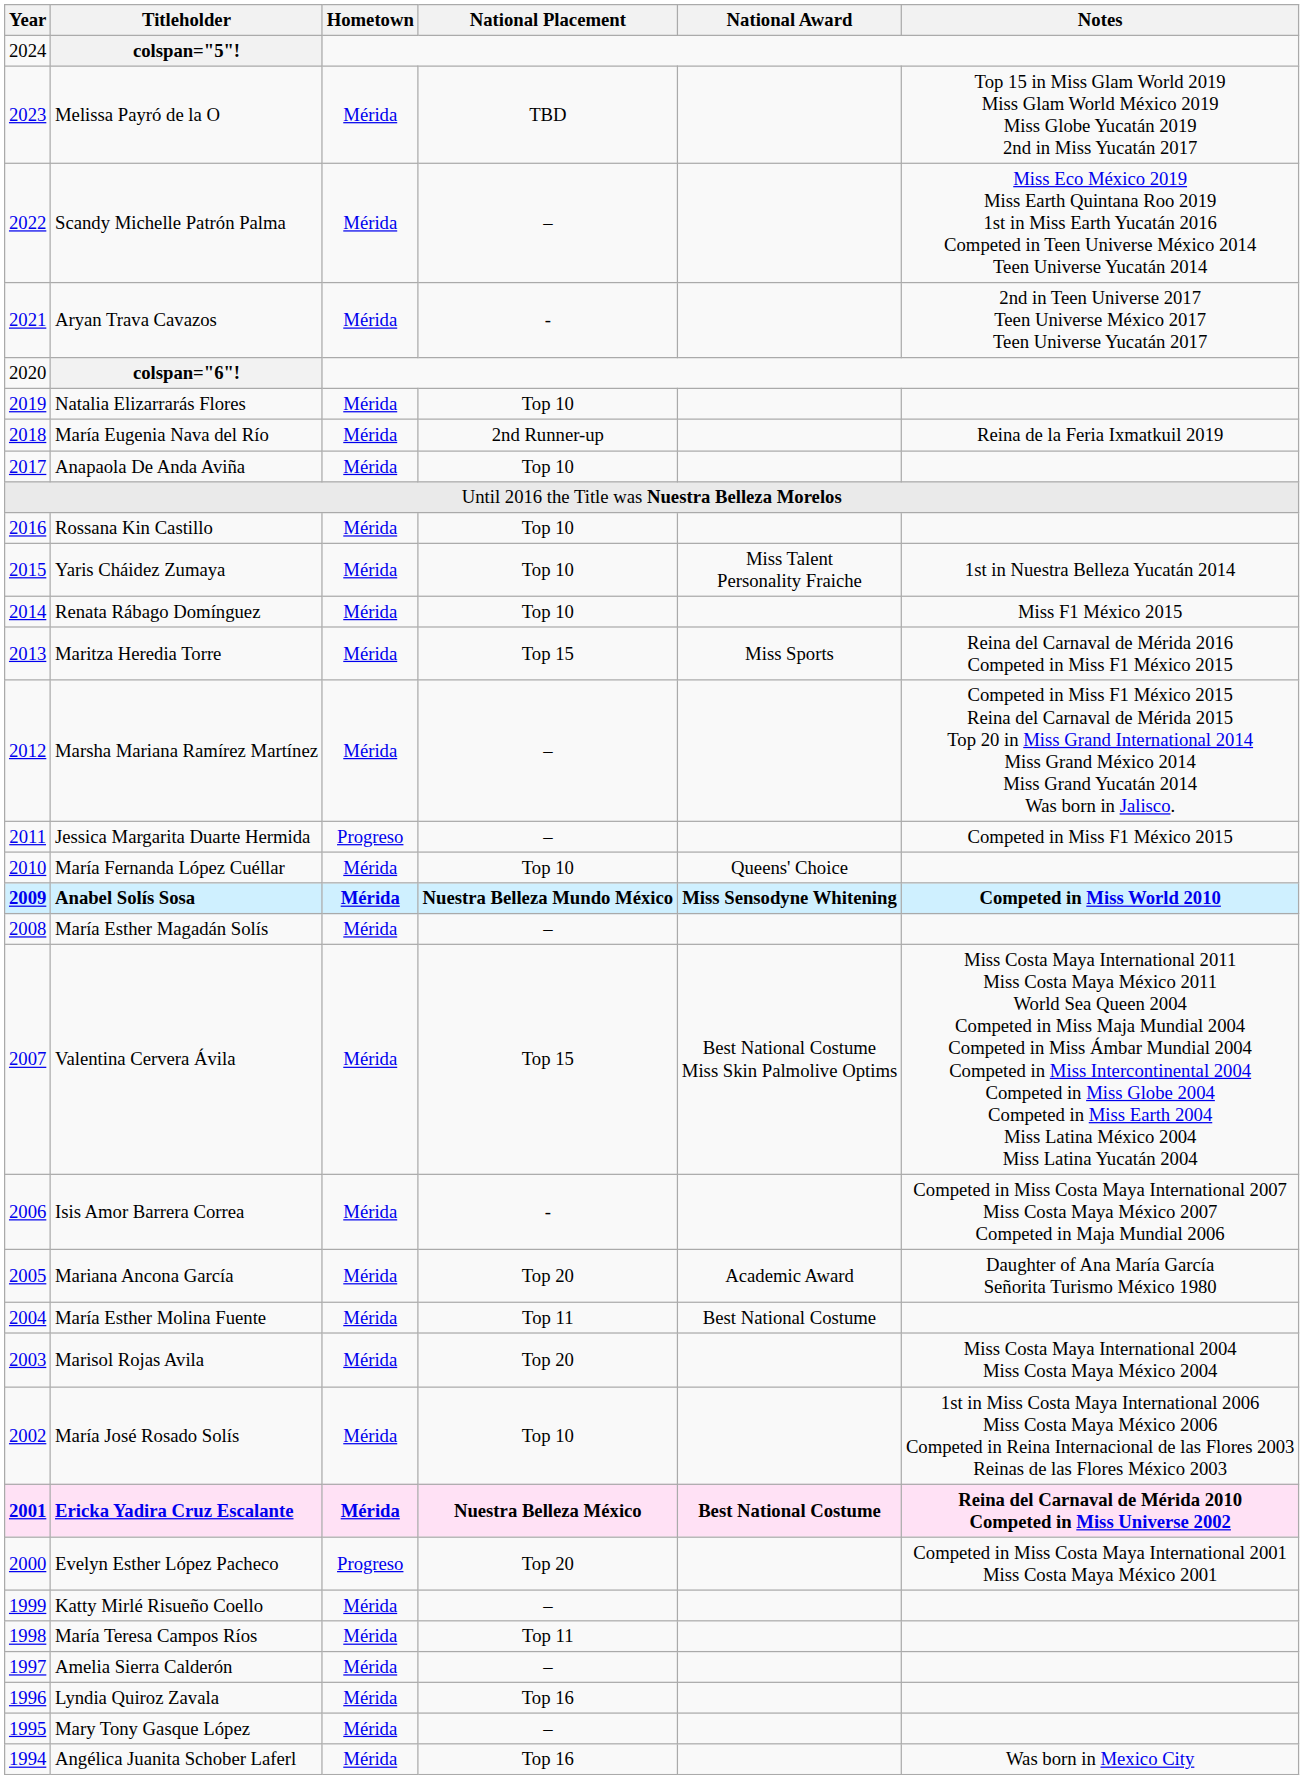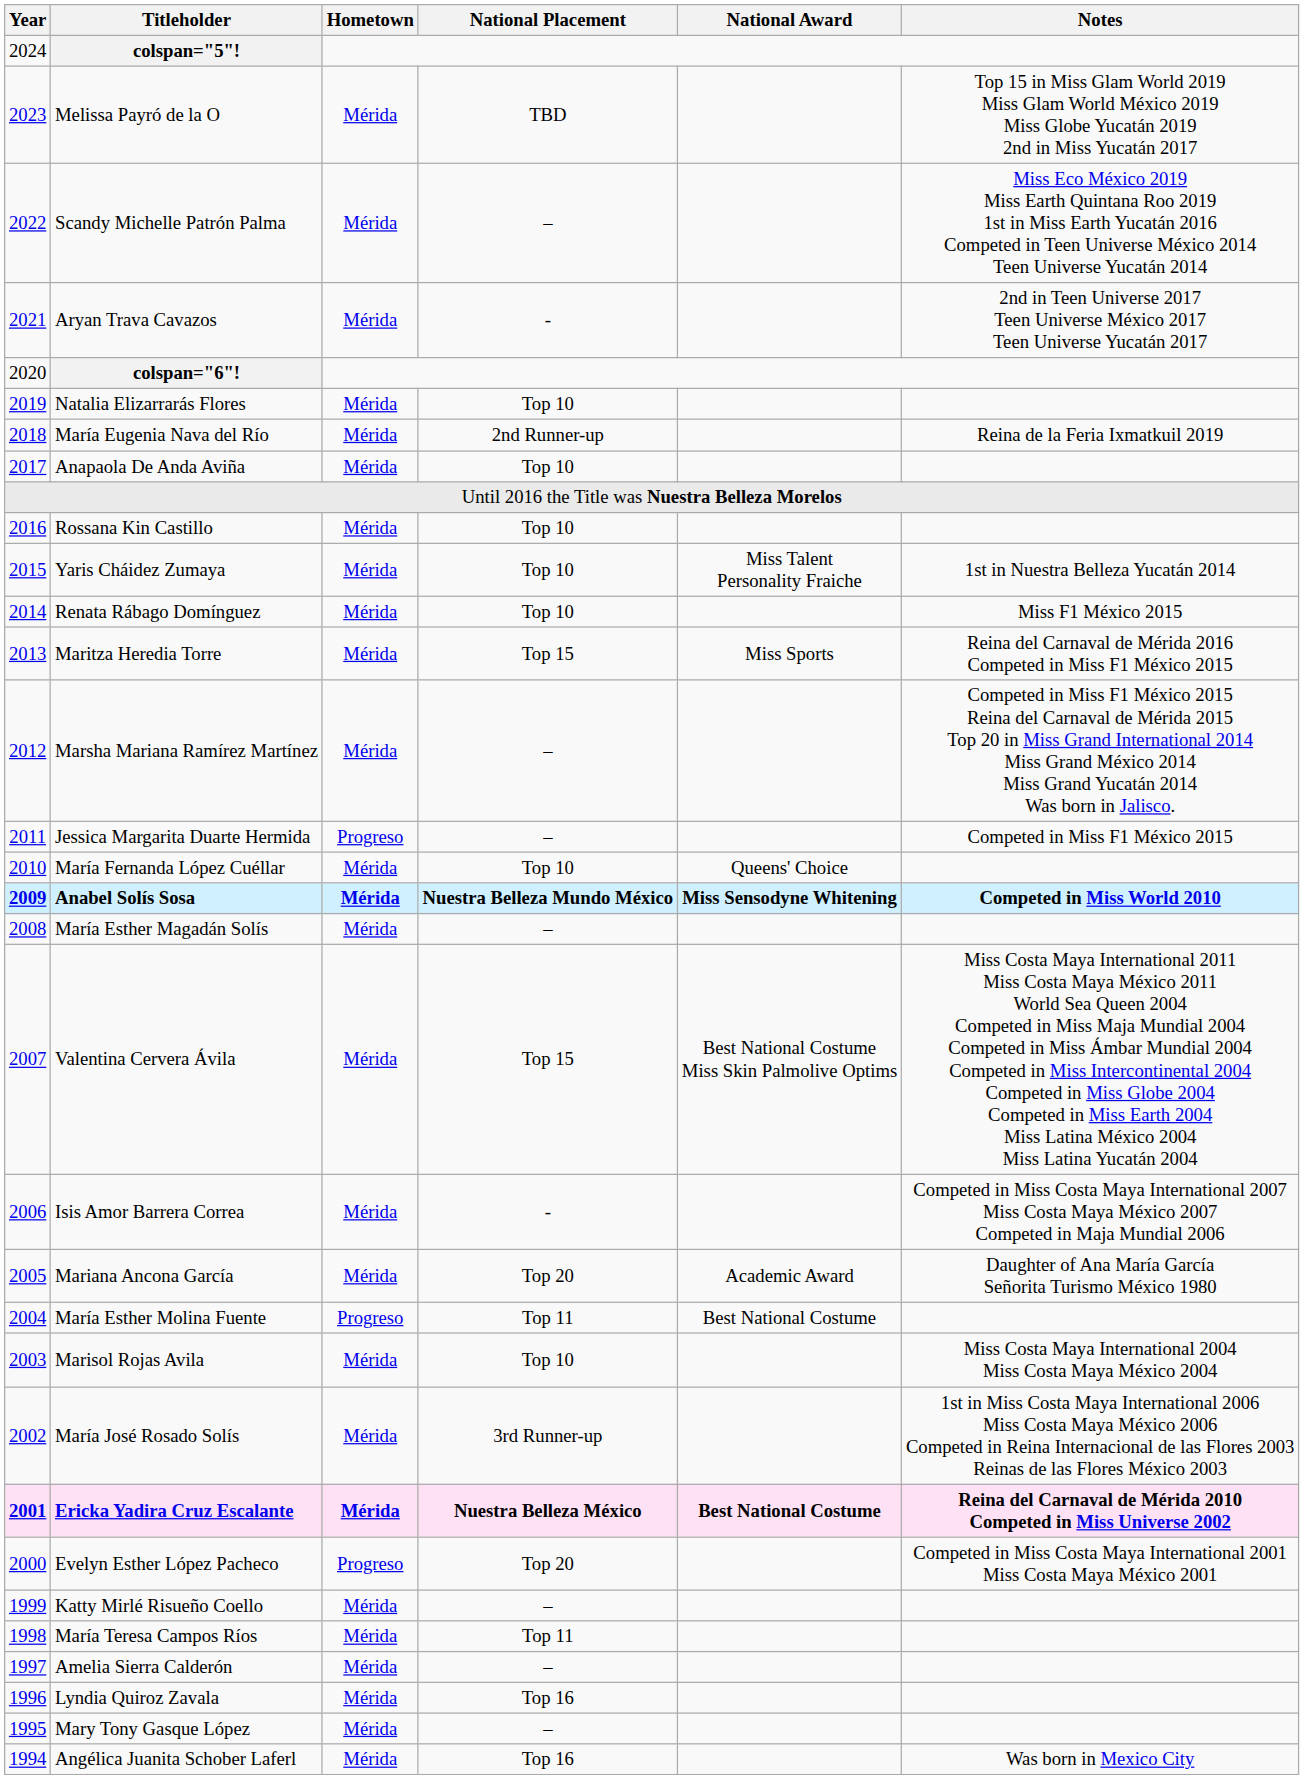 <table class="wikitable sortable" style="font-size:95%;">
 <tr>
 <th>Year</th>
 <th>Titleholder</th>
 <th>Hometown</th>
 <th>National Placement</th>
 <th>National Award</th>
 <th>Notes</th>
 </tr>
 <tr>
 <td align="center">2024</td>
 <th>colspan="5"!</th>
 </tr>
 <tr>
 <td align="center"><a href='#'>2023</a></td>
 <td>Melissa Payró de la O</td>
 <td align="center"><a href='#'>Mérida</a></td>
 <td align="center">TBD</td>
 <td align="center"></td>
 <td align="center">Top 15 in Miss Glam World 2019<br>Miss Glam World México 2019<br>Miss Globe Yucatán 2019<br>2nd in Miss Yucatán 2017</td>
 </tr>
 <tr>
 <td align="center"><a href='#'>2022</a></td>
 <td>Scandy Michelle Patrón Palma</td>
 <td align="center"><a href='#'>Mérida</a></td>
 <td align="center">–</td>
 <td align="center"></td>
 <td align="center"><a href='#'>Miss Eco México 2019</a><br>Miss Earth Quintana Roo 2019<br>1st in Miss Earth Yucatán 2016<br>Competed in Teen Universe México 2014<br>Teen Universe Yucatán 2014</td>
 </tr>
 <tr>
 <td align="center"><a href='#'>2021</a></td>
 <td>Aryan Trava Cavazos</td>
 <td align="center"><a href='#'>Mérida</a></td>
 <td align="center">-</td>
 <td align="center"></td>
 <td align="center">2nd in Teen Universe 2017<br>Teen Universe México 2017<br>Teen Universe Yucatán 2017</td>
 </tr>
 <tr>
 <td align="center">2020</td>
 <th>colspan="6"!</th>
 </tr>
 <tr>
 <td align="center"><a href='#'>2019</a></td>
 <td>Natalia Elizarrarás Flores</td>
 <td align="center"><a href='#'>Mérida</a></td>
 <td align="center">Top 10</td>
 <td align="center"></td>
 <td align="center"></td>
 </tr>
 <tr>
 <td align="center"><a href='#'>2018</a></td>
 <td>María Eugenia Nava del Río</td>
 <td align="center"><a href='#'>Mérida</a></td>
 <td align="center">2nd Runner-up</td>
 <td align="center"></td>
 <td align="center">Reina de la Feria Ixmatkuil 2019</td>
 </tr>
 <tr>
 <td align="center"><a href='#'>2017</a></td>
 <td>Anapaola De Anda Aviña</td>
 <td align="center"><a href='#'>Mérida</a></td>
 <td align="center">Top 10</td>
 <td align="center"></td>
 <td align="center"></td>
 </tr>
 <tr>
 <td colspan="7" bgcolor="#EAEAEA" style="text-align:center;">Until 2016 the Title was <strong>Nuestra Belleza Morelos</strong></td>
 </tr>
 <tr>
 <td align="center"><a href='#'>2016</a></td>
 <td>Rossana Kin Castillo</td>
 <td align="center"><a href='#'>Mérida</a></td>
 <td align="center">Top 10</td>
 <td align="center"></td>
 <td align="center"></td>
 </tr>
 <tr>
 <td align="center"><a href='#'>2015</a></td>
 <td>Yaris Cháidez Zumaya</td>
 <td align="center"><a href='#'>Mérida</a></td>
 <td align="center">Top 10</td>
 <td align="center">Miss Talent<br>Personality Fraiche</td>
 <td align="center">1st in Nuestra Belleza Yucatán 2014</td>
 </tr>
 <tr>
 <td align="center"><a href='#'>2014</a></td>
 <td>Renata Rábago Domínguez</td>
 <td align="center"><a href='#'>Mérida</a></td>
 <td align="center">Top 10</td>
 <td align="center"></td>
 <td align="center">Miss F1 México 2015</td>
 </tr>
 <tr>
 <td align="center"><a href='#'>2013</a></td>
 <td>Maritza Heredia Torre</td>
 <td align="center"><a href='#'>Mérida</a></td>
 <td align="center">Top 15</td>
 <td align="center">Miss Sports</td>
 <td align="center">Reina del Carnaval de Mérida 2016<br>Competed in Miss F1 México 2015</td>
 </tr>
 <tr>
 <td align="center"><a href='#'>2012</a></td>
 <td>Marsha Mariana Ramírez Martínez</td>
 <td align="center"><a href='#'>Mérida</a></td>
 <td align="center">–</td>
 <td align="center"></td>
 <td align="center">Competed in Miss F1 México 2015<br>Reina del Carnaval de Mérida 2015<br>Top 20 in <a href='#'>Miss Grand International 2014</a><br>Miss Grand México 2014<br>Miss Grand Yucatán 2014<br>Was born in <a href='#'>Jalisco</a>.</td>
 </tr>
 <tr>
 <td align="center"><a href='#'>2011</a></td>
 <td>Jessica Margarita Duarte Hermida</td>
 <td align="center"><a href='#'>Progreso</a></td>
 <td align="center">–</td>
 <td align="center"></td>
 <td align="center">Competed in Miss F1 México 2015</td>
 </tr>
 <tr>
 <td align="center"><a href='#'>2010</a></td>
 <td>María Fernanda López Cuéllar</td>
 <td align="center"><a href='#'>Mérida</a></td>
 <td align="center">Top 10</td>
 <td align="center">Queens' Choice</td>
 <td align="center"></td>
 </tr>
 <tr bgcolor="#CFF0FF">
 <td align="center"><strong><a href='#'>2009</a></strong></td>
 <td><strong>Anabel Solís Sosa</strong></td>
 <td align="center"><strong><a href='#'>Mérida</a></strong></td>
 <td align="center"><strong>Nuestra Belleza Mundo México</strong></td>
 <td align="center"><strong>Miss Sensodyne Whitening</strong></td>
 <td align="center"><strong>Competed in <a href='#'>Miss World 2010</a></strong></td>
 </tr>
 <tr>
 <td align="center"><a href='#'>2008</a></td>
 <td>María Esther Magadán Solís</td>
 <td align="center"><a href='#'>Mérida</a></td>
 <td align="center">–</td>
 <td align="center"></td>
 <td align="center"></td>
 </tr>
 <tr>
 <td align="center"><a href='#'>2007</a></td>
 <td>Valentina Cervera Ávila</td>
 <td align="center"><a href='#'>Mérida</a></td>
 <td align="center">Top 15</td>
 <td align="center">Best National Costume<br>Miss Skin Palmolive Optims</td>
 <td align="center">Miss Costa Maya International 2011<br>Miss Costa Maya México 2011<br>World Sea Queen 2004<br>Competed in Miss Maja Mundial 2004<br>Competed in Miss Ámbar Mundial 2004<br>Competed in <a href='#'>Miss Intercontinental 2004</a><br>Competed in <a href='#'>Miss Globe 2004</a><br>Competed in <a href='#'>Miss Earth 2004</a><br>Miss Latina México 2004<br>Miss Latina Yucatán 2004</td>
 </tr>
 <tr>
 <td align="center"><a href='#'>2006</a></td>
 <td>Isis Amor Barrera Correa</td>
 <td align="center"><a href='#'>Mérida</a></td>
 <td align="center">-</td>
 <td align="center"></td>
 <td align="center">Competed in Miss Costa Maya International 2007<br>Miss Costa Maya México 2007<br>Competed in Maja Mundial 2006</td>
 </tr>
 <tr>
 <td align="center"><a href='#'>2005</a></td>
 <td>Mariana Ancona García</td>
 <td align="center"><a href='#'>Mérida</a></td>
 <td align="center">Top 20</td>
 <td align="center">Academic Award</td>
 <td align="center">Daughter of Ana María García<br>Señorita Turismo México 1980</td>
 </tr>
 <tr>
 <td align="center"><a href='#'>2004</a></td>
 <td>María Esther Molina Fuente</td>
-<td align="center"><a href='#'>Mérida</a></td>
+<td align="center"><a href='#'>Progreso</a></td>
 <td align="center">Top 11</td>
 <td align="center">Best National Costume</td>
 <td align="center"></td>
 </tr>
 <tr>
 <td align="center"><a href='#'>2003</a></td>
 <td>Marisol Rojas Avila</td>
 <td align="center"><a href='#'>Mérida</a></td>
-<td align="center">Top 20</td>
+<td align="center">Top 10</td>
 <td align="center"></td>
 <td align="center">Miss Costa Maya International 2004<br>Miss Costa Maya México 2004</td>
 </tr>
 <tr>
 <td align="center"><a href='#'>2002</a></td>
 <td>María José Rosado Solís</td>
 <td align="center"><a href='#'>Mérida</a></td>
-<td align="center">Top 10</td>
+<td align="center">3rd Runner-up</td>
 <td align="center"></td>
 <td align="center">1st in Miss Costa Maya International 2006<br>Miss Costa Maya México 2006<br>Competed in Reina Internacional de las Flores 2003<br>Reinas de las Flores México 2003</td>
 </tr>
 <tr bgcolor="#FFE1F5">
 <td align="center"><strong><a href='#'>2001</a></strong></td>
 <td><strong><a href='#'>	Ericka Yadira Cruz Escalante</a></strong></td>
 <td align="center"><strong><a href='#'>Mérida</a></strong></td>
 <td align="center"><strong>Nuestra Belleza México</strong></td>
 <td align="center"><strong>Best National Costume</strong></td>
 <td align="center"><strong>Reina del Carnaval de Mérida 2010<br>Competed in <a href='#'>Miss Universe 2002</a></strong></td>
 </tr>
 <tr>
 <td align="center"><a href='#'>2000</a></td>
 <td>Evelyn Esther López Pacheco</td>
 <td align="center"><a href='#'>Progreso</a></td>
 <td align="center">Top 20</td>
 <td align="center"></td>
 <td align="center">Competed in Miss Costa Maya International 2001<br>Miss Costa Maya México 2001</td>
 </tr>
 <tr>
 <td align="center"><a href='#'>1999</a></td>
 <td>Katty Mirlé Risueño Coello</td>
 <td align="center"><a href='#'>Mérida</a></td>
 <td align="center">–</td>
 <td align="center"></td>
 <td align="center"></td>
 </tr>
 <tr>
 <td align="center"><a href='#'>1998</a></td>
 <td>María Teresa Campos Ríos</td>
 <td align="center"><a href='#'>Mérida</a></td>
 <td align="center">Top 11</td>
 <td align="center"></td>
 <td align="center"></td>
 </tr>
 <tr>
 <td align="center"><a href='#'>1997</a></td>
 <td>Amelia Sierra Calderón</td>
 <td align="center"><a href='#'>Mérida</a></td>
 <td align="center">–</td>
 <td align="center"></td>
 <td align="center"></td>
 </tr>
 <tr>
 <td align="center"><a href='#'>1996</a></td>
 <td>Lyndia Quiroz Zavala</td>
 <td align="center"><a href='#'>Mérida</a></td>
 <td align="center">Top 16</td>
 <td align="center"></td>
 <td align="center"></td>
 </tr>
 <tr>
 <td align="center"><a href='#'>1995</a></td>
 <td>Mary Tony Gasque López</td>
 <td align="center"><a href='#'>Mérida</a></td>
 <td align="center">–</td>
 <td align="center"></td>
 <td align="center"></td>
 </tr>
 <tr>
 <td align="center"><a href='#'>1994</a></td>
 <td>Angélica Juanita Schober Laferl</td>
 <td align="center"><a href='#'>Mérida</a></td>
 <td align="center">Top 16</td>
 <td align="center"></td>
 <td align="center">Was born in <a href='#'>Mexico City</a></td>
 </tr>
 </table>
